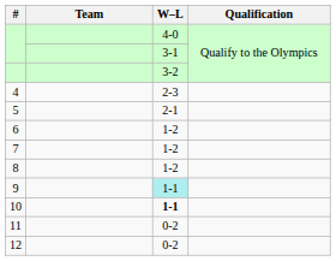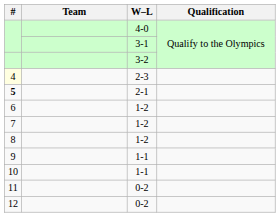 <table class=wikitable style="text-align:center;">
 <tr>
 <th width=20px>#</th>
 <th width=160px>Team</th>
 <th width=40px>W–L</th>
 <th width=180px>Qualification</th>
 </tr>
 <tr bgcolor=#CCFFCC>
 <td rowspan=2></td>
 <td align=left></td>
 <td>4-0</td>
 <td rowspan=3>Qualify to the Olympics</td>
 </tr>
 <tr bgcolor=#CCFFCC>
 <td align=left></td>
 <td>3-1</td>
 </tr>
 <tr bgcolor=#CCFFCC>
 <td></td>
 <td align=left></td>
 <td>3-2</td>
 </tr>
 <tr>
-<td>4</td>
+<td style="background: lightyellow;">4</td>
 <td align=left></td>
 <td>2-3</td>
 <td></td>
 </tr>
 <tr>
-<td>5</td>
+<td><strong>5</strong></td>
 <td align=left></td>
 <td>2-1</td>
 <td></td>
 </tr>
 <tr>
 <td>6</td>
 <td align=left></td>
 <td>1-2</td>
 <td></td>
 </tr>
 <tr>
 <td>7</td>
 <td align=left></td>
 <td>1-2</td>
 <td></td>
 </tr>
 <tr>
 <td>8</td>
 <td align=left></td>
 <td>1-2</td>
 <td></td>
 </tr>
 <tr>
 <td>9</td>
 <td align=left></td>
-<td style="background: paleturquoise;">1-1</td>
+<td>1-1</td>
 <td></td>
 </tr>
 <tr>
 <td>10</td>
 <td align=left></td>
-<td><strong>1-1</strong></td>
+<td>1-1</td>
 <td></td>
 </tr>
 <tr>
 <td>11</td>
 <td align=left></td>
 <td>0-2</td>
 <td></td>
 </tr>
 <tr>
 <td>12</td>
 <td align=left></td>
 <td>0-2</td>
 <td></td>
 </tr>
 </table>
